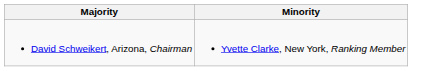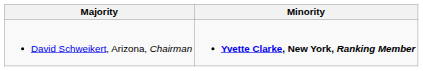 <table class=wikitable>
 <tr>
 <th>Majority</th>
 <th>Minority</th>
 </tr>
 <tr>
 <td><br><ul><li><a href='#'>David Schweikert</a>, Arizona, <em>Chairman</em></li></ul></td>
-<td><br><ul><li><a href='#'>Yvette Clarke</a>, New York, <em>Ranking Member</em></li></ul></td>
+<td><strong><br><ul><li><a href='#'>Yvette Clarke</a>, New York, <em>Ranking Member</em></li></ul></strong></td>
 </tr>
 </table>
